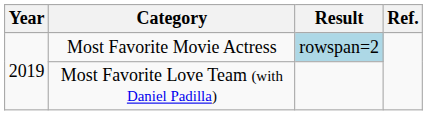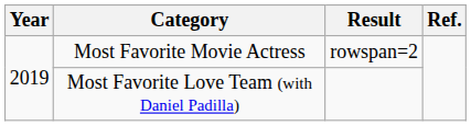 <table class="wikitable sortable"  style="text-align:center; width:60%;">
 <tr>
 <th>Year</th>
 <th>Category</th>
 <th>Result</th>
 <th>Ref.</th>
 </tr>
 <tr>
 <td rowspan=2>2019</td>
 <td>Most Favorite Movie Actress</td>
-<td style="background: lightblue;">rowspan=2 </td>
+<td>rowspan=2 </td>
 <td rowspan=2></td>
 </tr>
 <tr>
 <td>Most Favorite Love Team <small> (with <a href='#'>Daniel Padilla</a>)</small></td>
 </tr>
 </table>
